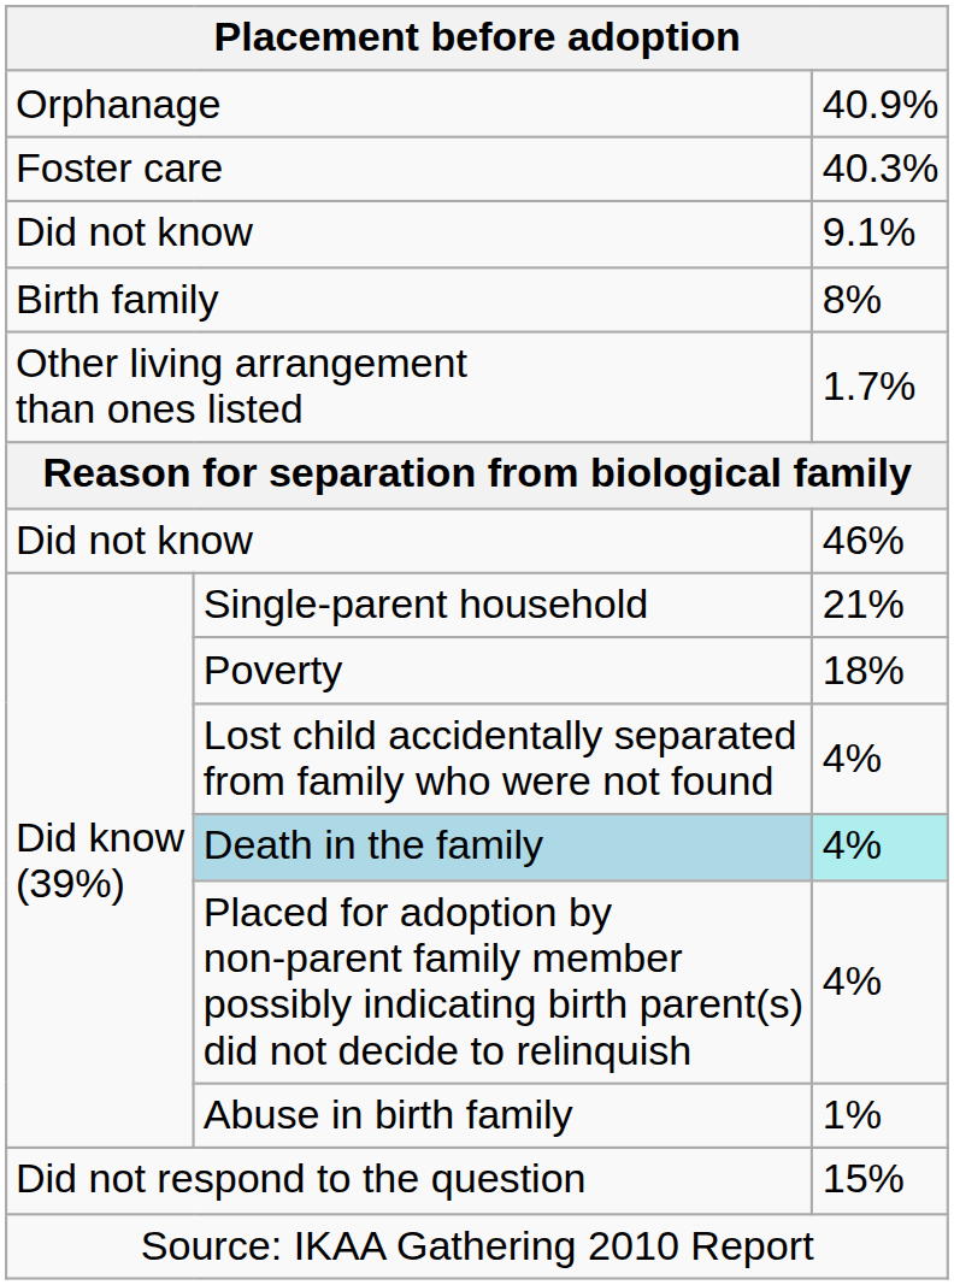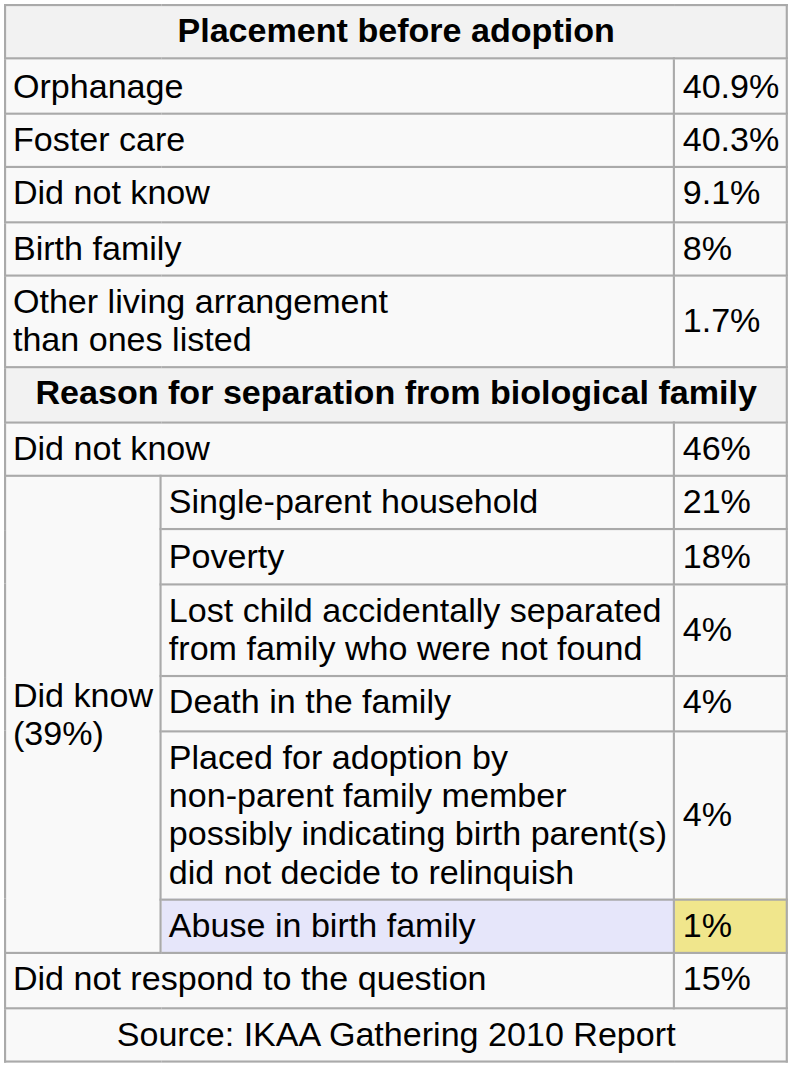 <table class="wikitable">
 <tr>
 <th colspan="3">Placement before adoption</th>
 </tr>
 <tr>
 <td colspan="2">Orphanage</td>
 <td>40.9%</td>
 </tr>
 <tr>
 <td colspan="2">Foster care</td>
 <td>40.3%</td>
 </tr>
 <tr>
 <td colspan="2">Did not know</td>
 <td>9.1%</td>
 </tr>
 <tr>
 <td colspan="2">Birth family</td>
 <td>8%</td>
 </tr>
 <tr>
 <td colspan="2">Other living arrangement<br> than ones listed</td>
 <td>1.7%</td>
 </tr>
 <tr>
 <th colspan="3">Reason for separation from biological family</th>
 </tr>
 <tr>
 <td colspan="2">Did not know</td>
 <td>46%</td>
 </tr>
 <tr>
 <td rowspan="6">Did know<br>(39%)</td>
 <td>Single-parent household</td>
 <td>21%</td>
 </tr>
 <tr>
 <td>Poverty</td>
 <td>18%</td>
 </tr>
 <tr>
 <td>Lost child accidentally separated<br> from family who were not found</td>
 <td>4%</td>
 </tr>
 <tr>
-<td style="background: lightblue;">Death in the family</td>
-<td style="background: paleturquoise;">4%</td>
+<td>Death in the family</td>
+<td>4%</td>
 </tr>
 <tr>
 <td>Placed for adoption by<br> non-parent family member<br>possibly indicating birth parent(s)<br>did not decide to relinquish</td>
 <td>4%</td>
 </tr>
 <tr>
-<td>Abuse in birth family</td>
-<td>1%</td>
+<td style="background: lavender;">Abuse in birth family</td>
+<td style="background: khaki;">1%</td>
 </tr>
 <tr>
 <td colspan="2">Did not respond to the question</td>
 <td>15%</td>
 </tr>
 <tr>
 <td colspan="3" style="text-align: center">Source: IKAA Gathering 2010 Report</td>
 </tr>
 </table>
